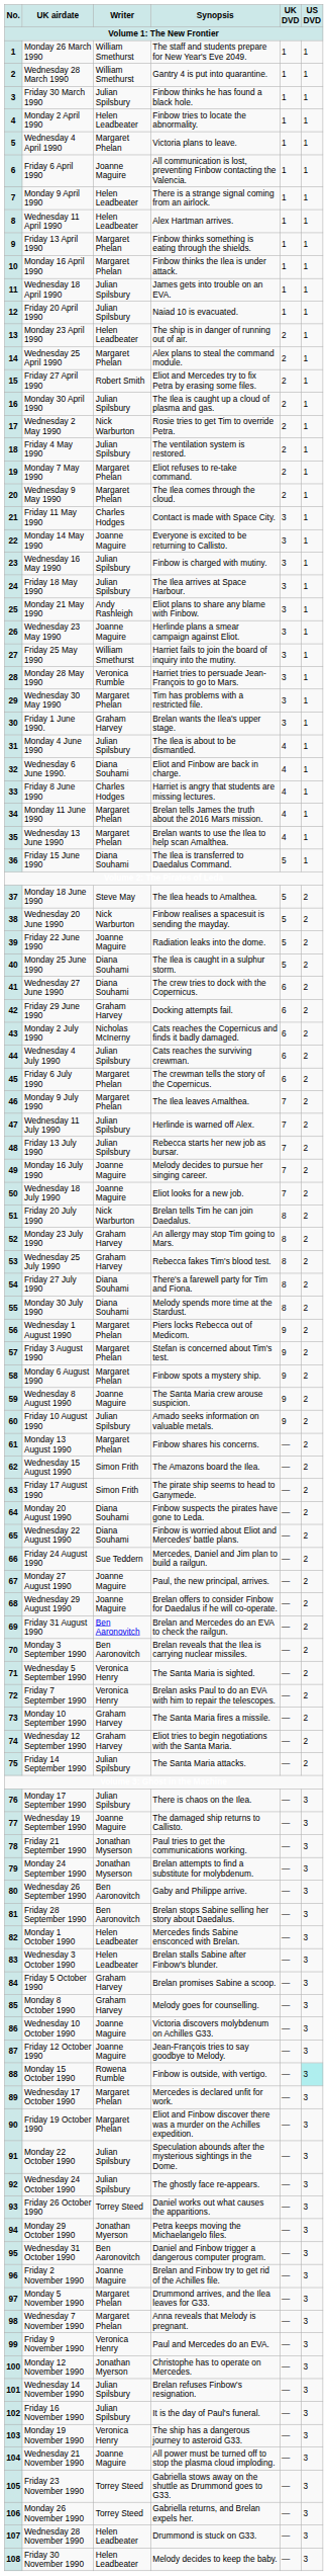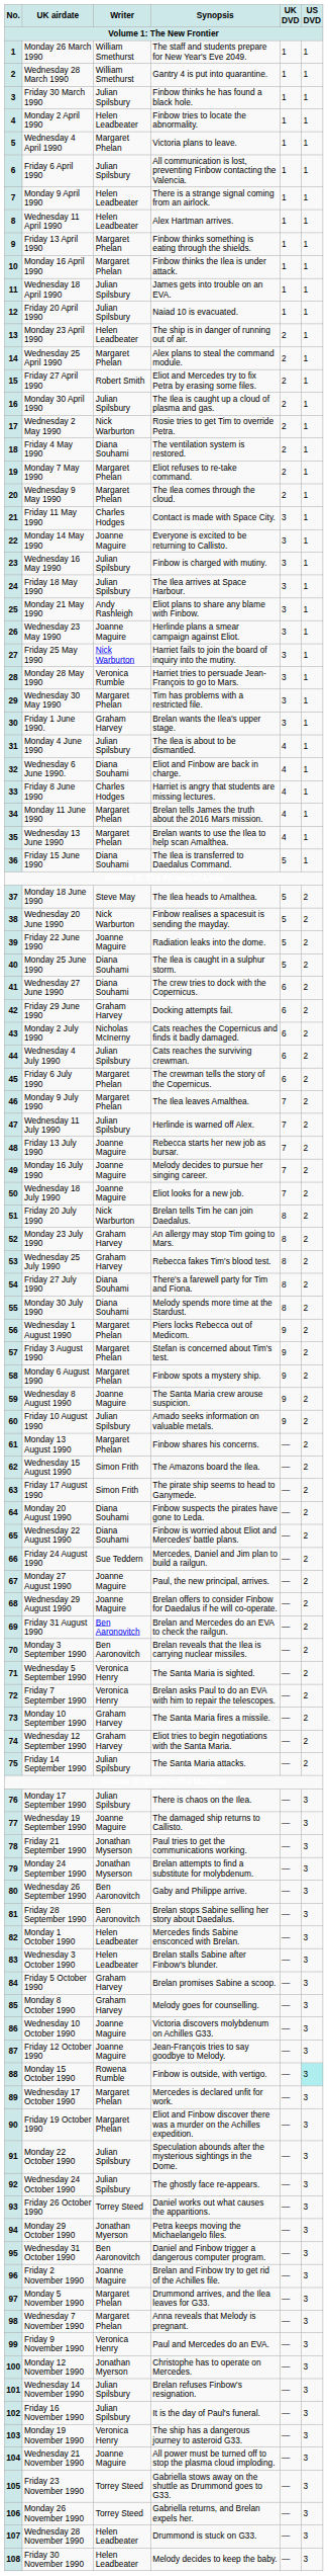 <table class="wikitable">
 <tr>
 <th scope=col style="background:#cce8e8">No.</th>
 <th scope=col style="background:#cce8e8">UK airdate</th>
 <th scope=col style="background:#cce8e8">Writer</th>
 <th scope=col style="background:#cce8e8">Synopsis</th>
 <th scope=col style="background:#cce8e8">UK<br>DVD</th>
 <th scope=col style="background:#cce8e8">US<br>DVD</th>
 </tr>
 <tr style="background:#cce8e8">
 <td colspan="6" style="text-align: center;"><strong>Volume 1: The New Frontier</strong></td>
 </tr>
 <tr>
 <th scope=row style="background:#cce8e8">1</th>
 <td>Monday 26 March 1990</td>
 <td>William Smethurst</td>
 <td>The staff and students prepare for New Year's Eve 2049.</td>
 <td>1</td>
 <td>1</td>
 </tr>
 <tr>
 <th scope=row style="background:#cce8e8">2</th>
 <td>Wednesday 28 March 1990</td>
 <td>William Smethurst</td>
 <td>Gantry 4 is put into quarantine.</td>
 <td>1</td>
 <td>1</td>
 </tr>
 <tr>
 <th scope=row style="background:#cce8e8">3</th>
 <td>Friday 30 March 1990</td>
 <td>Julian Spilsbury</td>
 <td>Finbow thinks he has found a black hole.</td>
 <td>1</td>
 <td>1</td>
 </tr>
 <tr>
 <th scope=row style="background:#cce8e8">4</th>
 <td>Monday 2 April 1990</td>
 <td>Helen Leadbeater</td>
 <td>Finbow tries to locate the abnormality.</td>
 <td>1</td>
 <td>1</td>
 </tr>
 <tr>
 <th scope=row style="background:#cce8e8">5</th>
 <td>Wednesday 4 April 1990</td>
 <td>Margaret Phelan</td>
 <td>Victoria plans to leave.</td>
 <td>1</td>
 <td>1</td>
 </tr>
 <tr>
 <th scope=row style="background:#cce8e8">6</th>
 <td>Friday 6 April 1990</td>
-<td>Joanne Maguire</td>
+<td>Julian Spilsbury</td>
 <td>All communication is lost, preventing Finbow contacting the Valencia.</td>
 <td>1</td>
 <td>1</td>
 </tr>
 <tr>
 <th scope=row style="background:#cce8e8">7</th>
 <td>Monday 9 April 1990</td>
 <td>Helen Leadbeater</td>
 <td>There is a strange signal coming from an airlock.</td>
 <td>1</td>
 <td>1</td>
 </tr>
 <tr>
 <th scope=row style="background:#cce8e8">8</th>
 <td>Wednesday 11 April 1990</td>
 <td>Helen Leadbeater</td>
 <td>Alex Hartman arrives.</td>
 <td>1</td>
 <td>1</td>
 </tr>
 <tr>
 <th scope=row style="background:#cce8e8">9</th>
 <td>Friday 13 April 1990</td>
 <td>Margaret Phelan</td>
 <td>Finbow thinks something is eating through the shields.</td>
 <td>1</td>
 <td>1</td>
 </tr>
 <tr>
 <th scope=row style="background:#cce8e8">10</th>
 <td>Monday 16 April 1990</td>
 <td>Margaret Phelan</td>
 <td>Finbow thinks the Ilea is under attack.</td>
 <td>1</td>
 <td>1</td>
 </tr>
 <tr>
 <th scope=row style="background:#cce8e8">11</th>
 <td>Wednesday 18 April 1990</td>
 <td>Julian Spilsbury</td>
 <td>James gets into trouble on an EVA.</td>
 <td>1</td>
 <td>1</td>
 </tr>
 <tr>
 <th scope=row style="background:#cce8e8">12</th>
 <td>Friday 20 April 1990</td>
 <td>Julian Spilsbury</td>
 <td>Naiad 10 is evacuated.</td>
 <td>1</td>
 <td>1</td>
 </tr>
 <tr>
 <th scope=row style="background:#cce8e8">13</th>
 <td>Monday 23 April 1990</td>
 <td>Helen Leadbeater</td>
 <td>The ship is in danger of running out of air.</td>
 <td>2</td>
 <td>1</td>
 </tr>
 <tr>
 <th scope=row style="background:#cce8e8">14</th>
 <td>Wednesday 25 April 1990</td>
 <td>Margaret Phelan</td>
 <td>Alex plans to steal the command module.</td>
 <td>2</td>
 <td>1</td>
 </tr>
 <tr>
 <th scope=row style="background:#cce8e8">15</th>
 <td>Friday 27 April 1990</td>
 <td>Robert Smith</td>
 <td>Eliot and Mercedes try to fix Petra by erasing some files.</td>
 <td>2</td>
 <td>1</td>
 </tr>
 <tr>
 <th scope=row style="background:#cce8e8">16</th>
 <td>Monday 30 April 1990</td>
 <td>Julian Spilsbury</td>
 <td>The Ilea is caught up a cloud of plasma and gas.</td>
 <td>2</td>
 <td>1</td>
 </tr>
 <tr>
 <th scope=row style="background:#cce8e8">17</th>
 <td>Wednesday 2 May 1990</td>
 <td>Nick Warburton</td>
 <td>Rosie tries to get Tim to override Petra.</td>
 <td>2</td>
 <td>1</td>
 </tr>
 <tr>
 <th scope=row style="background:#cce8e8">18</th>
 <td>Friday 4 May 1990</td>
-<td>Julian Spilsbury</td>
+<td>Diana Souhami</td>
 <td>The ventilation system is restored.</td>
 <td>2</td>
 <td>1</td>
 </tr>
 <tr>
 <th scope=row style="background:#cce8e8">19</th>
 <td>Monday 7 May 1990</td>
 <td>Margaret Phelan</td>
 <td>Eliot refuses to re-take command.</td>
 <td>2</td>
 <td>1</td>
 </tr>
 <tr>
 <th scope=row style="background:#cce8e8">20</th>
 <td>Wednesday 9 May 1990</td>
 <td>Margaret Phelan</td>
 <td>The Ilea comes through the cloud.</td>
 <td>2</td>
 <td>1</td>
 </tr>
 <tr>
 <th scope=row style="background:#cce8e8">21</th>
 <td>Friday 11 May 1990</td>
 <td>Charles Hodges</td>
 <td>Contact is made with Space City.</td>
 <td>3</td>
 <td>1</td>
 </tr>
 <tr>
 <th scope=row style="background:#cce8e8">22</th>
 <td>Monday 14 May 1990</td>
 <td>Joanne Maguire</td>
 <td>Everyone is excited to be returning to Callisto.</td>
 <td>3</td>
 <td>1</td>
 </tr>
 <tr>
 <th scope=row style="background:#cce8e8">23</th>
 <td>Wednesday 16 May 1990</td>
 <td>Julian Spilsbury</td>
 <td>Finbow is charged with mutiny.</td>
 <td>3</td>
 <td>1</td>
 </tr>
 <tr>
 <th scope=row style="background:#cce8e8">24</th>
 <td>Friday 18 May 1990</td>
 <td>Julian Spilsbury</td>
 <td>The Ilea arrives at Space Harbour.</td>
 <td>3</td>
 <td>1</td>
 </tr>
 <tr>
 <th scope=row style="background:#cce8e8">25</th>
 <td>Monday 21 May 1990</td>
 <td>Andy Rashleigh</td>
 <td>Eliot plans to share any blame with Finbow.</td>
 <td>3</td>
 <td>1</td>
 </tr>
 <tr>
 <th scope=row style="background:#cce8e8">26</th>
 <td>Wednesday 23 May 1990</td>
 <td>Joanne Maguire</td>
 <td>Herlinde plans a smear campaign against Eliot.</td>
 <td>3</td>
 <td>1</td>
 </tr>
 <tr>
 <th scope=row style="background:#cce8e8">27</th>
 <td>Friday 25 May 1990</td>
-<td>William Smethurst</td>
+<td><a href='#'>Nick Warburton</a></td>
 <td>Harriet fails to join the board of inquiry into the mutiny.</td>
 <td>3</td>
 <td>1</td>
 </tr>
 <tr>
 <th scope=row style="background:#cce8e8">28</th>
 <td>Monday 28 May 1990</td>
 <td>Veronica Rumble</td>
 <td>Harriet tries to persuade Jean-François to go to Mars.</td>
 <td>3</td>
 <td>1</td>
 </tr>
 <tr>
 <th scope=row style="background:#cce8e8">29</th>
 <td>Wednesday 30 May 1990</td>
 <td>Margaret Phelan</td>
 <td>Tim has problems with a restricted file.</td>
 <td>3</td>
 <td>1</td>
 </tr>
 <tr>
 <th scope=row style="background:#cce8e8">30</th>
 <td>Friday 1 June 1990.</td>
 <td>Graham Harvey</td>
 <td>Brelan wants the Ilea's upper stage.</td>
 <td>3</td>
 <td>1</td>
 </tr>
 <tr>
 <th scope=row style="background:#cce8e8">31</th>
 <td>Monday 4 June 1990</td>
 <td>Julian Spilsbury</td>
 <td>The Ilea is about to be dismantled.</td>
 <td>4</td>
 <td>1</td>
 </tr>
 <tr>
 <th scope=row style="background:#cce8e8">32</th>
 <td>Wednesday 6 June 1990.</td>
 <td>Diana Souhami</td>
 <td>Eliot and Finbow are back in charge.</td>
 <td>4</td>
 <td>1</td>
 </tr>
 <tr>
 <th scope=row style="background:#cce8e8">33</th>
 <td>Friday 8 June 1990</td>
 <td>Charles Hodges</td>
 <td>Harriet is angry that students are missing lectures.</td>
 <td>4</td>
 <td>1</td>
 </tr>
 <tr>
 <th scope=row style="background:#cce8e8">34</th>
 <td>Monday 11 June 1990</td>
 <td>Margaret Phelan</td>
 <td>Brelan tells James the truth about the 2016 Mars mission.</td>
 <td>4</td>
 <td>1</td>
 </tr>
 <tr>
 <th scope=row style="background:#cce8e8">35</th>
 <td>Wednesday 13 June 1990</td>
 <td>Margaret Phelan</td>
 <td>Brelan wants to use the Ilea to help scan Amalthea.</td>
 <td>4</td>
 <td>1</td>
 </tr>
 <tr>
 <th scope=row style="background:#cce8e8">36</th>
 <td>Friday 15 June 1990</td>
 <td>Diana Souhami</td>
 <td>The Ilea is transferred to Daedalus Command.</td>
 <td>5</td>
 <td>1</td>
 </tr>
 <tr style="color:white" style="background:#cce8e8">
 <td colspan="6" style="text-align: center;"><strong>Volume 2: The Pirates of Leda</strong></td>
 </tr>
 <tr>
 <th scope=row style="background:#cce8e8">37</th>
 <td>Monday 18 June 1990</td>
 <td>Steve May</td>
 <td>The Ilea heads to Amalthea.</td>
 <td>5</td>
 <td>2</td>
 </tr>
 <tr>
 <th scope=row style="background:#cce8e8">38</th>
 <td>Wednesday 20 June 1990</td>
 <td>Nick Warburton</td>
 <td>Finbow realises a spacesuit is sending the mayday.</td>
 <td>5</td>
 <td>2</td>
 </tr>
 <tr>
 <th scope=row style="background:#cce8e8">39</th>
 <td>Friday 22 June 1990</td>
 <td>Joanne Maguire</td>
 <td>Radiation leaks into the dome.</td>
 <td>5</td>
 <td>2</td>
 </tr>
 <tr>
 <th scope=row style="background:#cce8e8">40</th>
 <td>Monday 25 June 1990</td>
 <td>Diana Souhami</td>
 <td>The Ilea is caught in a sulphur storm.</td>
 <td>5</td>
 <td>2</td>
 </tr>
 <tr>
 <th scope=row style="background:#cce8e8">41</th>
 <td>Wednesday 27 June 1990</td>
 <td>Diana Souhami</td>
 <td>The crew tries to dock with the Copernicus.</td>
 <td>6</td>
 <td>2</td>
 </tr>
 <tr>
 <th scope=row style="background:#cce8e8">42</th>
 <td>Friday 29 June 1990</td>
 <td>Graham Harvey</td>
 <td>Docking attempts fail.</td>
 <td>6</td>
 <td>2</td>
 </tr>
 <tr>
 <th scope=row style="background:#cce8e8">43</th>
 <td>Monday 2 July 1990</td>
 <td>Nicholas McInerny</td>
 <td>Cats reaches the Copernicus and finds it badly damaged.</td>
 <td>6</td>
 <td>2</td>
 </tr>
 <tr>
 <th scope=row style="background:#cce8e8">44</th>
 <td>Wednesday 4 July 1990</td>
 <td>Julian Spilsbury</td>
 <td>Cats reaches the surviving crewman.</td>
 <td>6</td>
 <td>2</td>
 </tr>
 <tr>
 <th scope=row style="background:#cce8e8">45</th>
 <td>Friday 6 July 1990</td>
 <td>Margaret Phelan</td>
 <td>The crewman tells the story of the Copernicus.</td>
 <td>6</td>
 <td>2</td>
 </tr>
 <tr>
 <th scope=row style="background:#cce8e8">46</th>
 <td>Monday 9 July 1990</td>
 <td>Margaret Phelan</td>
 <td>The Ilea leaves Amalthea.</td>
 <td>7</td>
 <td>2</td>
 </tr>
 <tr>
 <th scope=row style="background:#cce8e8">47</th>
 <td>Wednesday 11 July 1990</td>
 <td>Julian Spilsbury</td>
 <td>Herlinde is warned off Alex.</td>
 <td>7</td>
 <td>2</td>
 </tr>
 <tr>
 <th scope=row style="background:#cce8e8">48</th>
 <td>Friday 13 July 1990</td>
-<td>Julian Spilsbury</td>
+<td>Joanne Maguire</td>
 <td>Rebecca starts her new job as bursar.</td>
 <td>7</td>
 <td>2</td>
 </tr>
 <tr>
 <th scope=row style="background:#cce8e8">49</th>
 <td>Monday 16 July 1990</td>
 <td>Joanne Maguire</td>
 <td>Melody decides to pursue her singing career.</td>
 <td>7</td>
 <td>2</td>
 </tr>
 <tr>
 <th scope=row style="background:#cce8e8">50</th>
 <td>Wednesday 18 July 1990</td>
 <td>Joanne Maguire</td>
 <td>Eliot looks for a new job.</td>
 <td>7</td>
 <td>2</td>
 </tr>
 <tr>
 <th scope=row style="background:#cce8e8">51</th>
 <td>Friday 20 July 1990</td>
 <td>Nick Warburton</td>
 <td>Brelan tells Tim he can join Daedalus.</td>
 <td>8</td>
 <td>2</td>
 </tr>
 <tr>
 <th scope=row style="background:#cce8e8">52</th>
 <td>Monday 23 July 1990</td>
 <td>Graham Harvey</td>
 <td>An allergy may stop Tim going to Mars.</td>
 <td>8</td>
 <td>2</td>
 </tr>
 <tr>
 <th scope=row style="background:#cce8e8">53</th>
 <td>Wednesday 25 July 1990</td>
 <td>Graham Harvey</td>
 <td>Rebecca fakes Tim's blood test.</td>
 <td>8</td>
 <td>2</td>
 </tr>
 <tr>
 <th scope=row style="background:#cce8e8">54</th>
 <td>Friday 27 July 1990</td>
 <td>Diana Souhami</td>
 <td>There's a farewell party for Tim and Fiona.</td>
 <td>8</td>
 <td>2</td>
 </tr>
 <tr>
 <th scope=row style="background:#cce8e8">55</th>
 <td>Monday 30 July 1990</td>
 <td>Diana Souhami</td>
 <td>Melody spends more time at the Stardust.</td>
 <td>8</td>
 <td>2</td>
 </tr>
 <tr>
 <th scope=row style="background:#cce8e8">56</th>
 <td>Wednesday 1 August 1990</td>
 <td>Margaret Phelan</td>
 <td>Piers locks Rebecca out of Medicom.</td>
 <td>9</td>
 <td>2</td>
 </tr>
 <tr>
 <th scope=row style="background:#cce8e8">57</th>
 <td>Friday 3 August 1990</td>
 <td>Margaret Phelan</td>
 <td>Stefan is concerned about Tim's test.</td>
 <td>9</td>
 <td>2</td>
 </tr>
 <tr>
 <th scope=row style="background:#cce8e8">58</th>
 <td>Monday 6 August 1990</td>
 <td>Margaret Phelan</td>
 <td>Finbow spots a mystery ship.</td>
 <td>9</td>
 <td>2</td>
 </tr>
 <tr>
 <th scope=row style="background:#cce8e8">59</th>
 <td>Wednesday 8 August 1990</td>
 <td>Joanne Maguire</td>
 <td>The Santa Maria crew arouse suspicion.</td>
 <td>9</td>
 <td>2</td>
 </tr>
 <tr>
 <th scope=row style="background:#cce8e8">60</th>
 <td>Friday 10 August 1990</td>
 <td>Julian Spilsbury</td>
 <td>Amado seeks information on valuable metals.</td>
 <td>9</td>
 <td>2</td>
 </tr>
 <tr>
 <th scope=row style="background:#cce8e8">61</th>
 <td>Monday 13 August 1990</td>
 <td>Margaret Phelan</td>
 <td>Finbow shares his concerns.</td>
 <td>—</td>
 <td>2</td>
 </tr>
 <tr>
 <th scope=row style="background:#cce8e8">62</th>
 <td>Wednesday 15 August 1990</td>
 <td>Simon Frith</td>
 <td>The Amazons board the Ilea.</td>
 <td>—</td>
 <td>2</td>
 </tr>
 <tr>
 <th scope=row style="background:#cce8e8">63</th>
 <td>Friday 17 August 1990</td>
 <td>Simon Frith</td>
 <td>The pirate ship seems to head to Ganymede.</td>
 <td>—</td>
 <td>2</td>
 </tr>
 <tr>
 <th scope=row style="background:#cce8e8">64</th>
 <td>Monday 20 August 1990</td>
 <td>Diana Souhami</td>
 <td>Finbow suspects the pirates have gone to Leda.</td>
 <td>—</td>
 <td>2</td>
 </tr>
 <tr>
 <th scope=row style="background:#cce8e8">65</th>
 <td>Wednesday 22 August 1990</td>
 <td>Diana Souhami</td>
 <td>Finbow is worried about Eliot and Mercedes' battle plans.</td>
 <td>—</td>
 <td>2</td>
 </tr>
 <tr>
 <th scope=row style="background:#cce8e8">66</th>
 <td>Friday 24 August 1990</td>
 <td>Sue Teddern</td>
 <td>Mercedes, Daniel and Jim plan to build a railgun.</td>
 <td>—</td>
 <td>2</td>
 </tr>
 <tr>
 <th scope=row style="background:#cce8e8">67</th>
 <td>Monday 27 August 1990</td>
 <td>Joanne Maguire</td>
 <td>Paul, the new principal, arrives.</td>
 <td>—</td>
 <td>2</td>
 </tr>
 <tr>
 <th scope=row style="background:#cce8e8">68</th>
 <td>Wednesday 29 August 1990</td>
 <td>Joanne Maguire</td>
 <td>Brelan offers to consider Finbow for Daedalus if he will co-operate.</td>
 <td>—</td>
 <td>2</td>
 </tr>
 <tr>
 <th scope=row style="background:#cce8e8">69</th>
 <td>Friday 31 August 1990</td>
 <td><a href='#'>Ben Aaronovitch</a></td>
 <td>Brelan and Mercedes do an EVA to check the railgun.</td>
 <td>—</td>
 <td>2</td>
 </tr>
 <tr>
 <th scope=row style="background:#cce8e8">70</th>
 <td>Monday 3 September 1990</td>
 <td>Ben Aaronovitch</td>
 <td>Brelan reveals that the Ilea is carrying nuclear missiles.</td>
 <td>—</td>
 <td>2</td>
 </tr>
 <tr>
 <th scope=row style="background:#cce8e8">71</th>
 <td>Wednesday 5 September 1990</td>
 <td>Veronica Henry</td>
 <td>The Santa Maria is sighted.</td>
 <td>—</td>
 <td>2</td>
 </tr>
 <tr>
 <th scope=row style="background:#cce8e8">72</th>
 <td>Friday 7 September 1990</td>
 <td>Veronica Henry</td>
 <td>Brelan asks Paul to do an EVA with him to repair the telescopes.</td>
 <td>—</td>
 <td>2</td>
 </tr>
 <tr>
 <th scope=row style="background:#cce8e8">73</th>
 <td>Monday 10 September 1990</td>
 <td>Graham Harvey</td>
 <td>The Santa Maria fires a missile.</td>
 <td>—</td>
 <td>2</td>
 </tr>
 <tr>
 <th scope=row style="background:#cce8e8">74</th>
 <td>Wednesday 12 September 1990</td>
 <td>Graham Harvey</td>
 <td>Eliot tries to begin negotiations with the Santa Maria.</td>
 <td>—</td>
 <td>2</td>
 </tr>
 <tr>
 <th scope=row style="background:#cce8e8">75</th>
 <td>Friday 14 September 1990</td>
 <td>Julian Spilsbury</td>
 <td>The Santa Maria attacks.</td>
 <td>—</td>
 <td>2</td>
 </tr>
 <tr style="color:white" style="background:#cce8e8">
 <td colspan="6" style="text-align: center;"><strong>Volume 3: Ghost in the Machine</strong></td>
 </tr>
 <tr>
 <th scope=row style="background:#cce8e8">76</th>
 <td>Monday 17 September 1990</td>
 <td>Julian Spilsbury</td>
 <td>There is chaos on the Ilea.</td>
 <td>—</td>
 <td>3</td>
 </tr>
 <tr>
 <th scope=row style="background:#cce8e8">77</th>
 <td>Wednesday 19 September 1990</td>
 <td>Joanne Maguire</td>
 <td>The damaged ship returns to Callisto.</td>
 <td>—</td>
 <td>3</td>
 </tr>
 <tr>
 <th scope=row style="background:#cce8e8">78</th>
 <td>Friday 21 September 1990</td>
 <td>Jonathan Myserson</td>
 <td>Paul tries to get the communications working.</td>
 <td>—</td>
 <td>3</td>
 </tr>
 <tr>
 <th scope=row style="background:#cce8e8">79</th>
 <td>Monday 24 September 1990</td>
 <td>Jonathan Myserson</td>
 <td>Brelan attempts to find a substitute for molybdenum.</td>
 <td>—</td>
 <td>3</td>
 </tr>
 <tr>
 <th scope=row style="background:#cce8e8">80</th>
 <td>Wednesday 26 September 1990</td>
 <td>Ben Aaronovitch</td>
 <td>Gaby and Philippe arrive.</td>
 <td>—</td>
 <td>3</td>
 </tr>
 <tr>
 <th scope=row style="background:#cce8e8">81</th>
 <td>Friday 28 September 1990</td>
 <td>Ben Aaronovitch</td>
 <td>Brelan stops Sabine selling her story about Daedalus.</td>
 <td>—</td>
 <td>3</td>
 </tr>
 <tr>
 <th scope=row style="background:#cce8e8">82</th>
 <td>Monday 1 October 1990</td>
 <td>Helen Leadbeater</td>
 <td>Mercedes finds Sabine ensconced with Brelan.</td>
 <td>—</td>
 <td>3</td>
 </tr>
 <tr>
 <th scope=row style="background:#cce8e8">83</th>
 <td>Wednesday 3 October 1990</td>
 <td>Helen Leadbeater</td>
 <td>Brelan stalls Sabine after Finbow's blunder.</td>
 <td>—</td>
 <td>3</td>
 </tr>
 <tr>
 <th scope=row style="background:#cce8e8">84</th>
 <td>Friday 5 October 1990</td>
 <td>Graham Harvey</td>
 <td>Brelan promises Sabine a scoop.</td>
 <td>—</td>
 <td>3</td>
 </tr>
 <tr>
 <th scope=row style="background:#cce8e8">85</th>
 <td>Monday 8 October 1990</td>
 <td>Graham Harvey</td>
 <td>Melody goes for counselling.</td>
 <td>—</td>
 <td>3</td>
 </tr>
 <tr>
 <th scope=row style="background:#cce8e8">86</th>
 <td>Wednesday 10 October 1990</td>
 <td>Joanne Maguire</td>
 <td>Victoria discovers molybdenum on Achilles G33.</td>
 <td>—</td>
 <td>3</td>
 </tr>
 <tr>
 <th scope=row style="background:#cce8e8">87</th>
 <td>Friday 12 October 1990</td>
 <td>Joanne Maguire</td>
 <td>Jean-François tries to say goodbye to Melody.</td>
 <td>—</td>
 <td>3</td>
 </tr>
 <tr>
 <th scope=row style="background:#cce8e8">88</th>
 <td>Monday 15 October 1990</td>
 <td>Rowena Rumble</td>
 <td>Finbow is outside, with vertigo.</td>
 <td>—</td>
 <td style="background: paleturquoise;">3</td>
 </tr>
 <tr>
 <th scope=row style="background:#cce8e8">89</th>
 <td>Wednesday 17 October 1990</td>
 <td>Margaret Phelan</td>
 <td>Mercedes is declared unfit for work.</td>
 <td>—</td>
 <td>3</td>
 </tr>
 <tr>
 <th scope=row style="background:#cce8e8">90</th>
 <td>Friday 19 October 1990</td>
 <td>Margaret Phelan</td>
 <td>Eliot and Finbow discover there was a murder on the Achilles expedition.</td>
 <td>—</td>
 <td>3</td>
 </tr>
 <tr>
 <th scope=row style="background:#cce8e8">91</th>
 <td>Monday 22 October 1990</td>
 <td>Julian Spilsbury</td>
 <td>Speculation abounds after the mysterious sightings in the Dome.</td>
 <td>—</td>
 <td>3</td>
 </tr>
 <tr>
 <th scope=row style="background:#cce8e8">92</th>
 <td>Wednesday 24 October 1990</td>
 <td>Julian Spilsbury</td>
 <td>The ghostly face re-appears.</td>
 <td>—</td>
 <td>3</td>
 </tr>
 <tr>
 <th scope=row style="background:#cce8e8">93</th>
 <td>Friday 26 October 1990</td>
 <td>Torrey Steed</td>
 <td>Daniel works out what causes the apparitions.</td>
 <td>—</td>
 <td>3</td>
 </tr>
 <tr>
 <th scope=row style="background:#cce8e8">94</th>
 <td>Monday 29 October 1990</td>
 <td>Jonathan Myerson</td>
 <td>Petra keeps moving the Michaelangelo files.</td>
 <td>—</td>
 <td>3</td>
 </tr>
 <tr>
 <th scope=row style="background:#cce8e8">95</th>
 <td>Wednesday 31 October 1990</td>
 <td>Ben Aaronovitch</td>
 <td>Daniel and Finbow trigger a dangerous computer program.</td>
 <td>—</td>
 <td>3</td>
 </tr>
 <tr>
 <th scope=row style="background:#cce8e8">96</th>
 <td>Friday 2 November 1990</td>
 <td>Joanne Maguire</td>
 <td>Brelan and Finbow try to get rid of the Achilles file.</td>
 <td>—</td>
 <td>3</td>
 </tr>
 <tr>
 <th scope=row style="background:#cce8e8">97</th>
 <td>Monday 5 November 1990</td>
 <td>Margaret Phelan</td>
 <td>Drummond arrives, and the Ilea leaves for G33.</td>
 <td>—</td>
 <td>3</td>
 </tr>
 <tr>
 <th scope=row style="background:#cce8e8">98</th>
 <td>Wednesday 7 November 1990</td>
 <td>Margaret Phelan</td>
 <td>Anna reveals that Melody is pregnant.</td>
 <td>—</td>
 <td>3</td>
 </tr>
 <tr>
 <th scope=row style="background:#cce8e8">99</th>
 <td>Friday 9 November 1990</td>
 <td>Veronica Henry</td>
 <td>Paul and Mercedes do an EVA.</td>
 <td>—</td>
 <td>3</td>
 </tr>
 <tr>
 <th scope=row style="background:#cce8e8">100</th>
 <td>Monday 12 November 1990</td>
 <td>Jonathan Myerson</td>
 <td>Christophe has to operate on Mercedes.</td>
 <td>—</td>
 <td>3</td>
 </tr>
 <tr>
 <th scope=row style="background:#cce8e8">101</th>
 <td>Wednesday 14 November 1990</td>
 <td>Julian Spilsbury</td>
 <td>Brelan refuses Finbow's resignation.</td>
 <td>—</td>
 <td>3</td>
 </tr>
 <tr>
 <th scope=row style="background:#cce8e8">102</th>
 <td>Friday 16 November 1990</td>
 <td>Julian Spilsbury</td>
 <td>It is the day of Paul's funeral.</td>
 <td>—</td>
 <td>3</td>
 </tr>
 <tr>
 <th scope=row style="background:#cce8e8">103</th>
 <td>Monday 19 November 1990</td>
 <td>Veronica Henry</td>
 <td>The ship has a dangerous journey to asteroid G33.</td>
 <td>—</td>
 <td>3</td>
 </tr>
 <tr>
 <th scope=row style="background:#cce8e8">104</th>
 <td>Wednesday 21 November 1990</td>
 <td>Joanne Maguire</td>
 <td>All power must be turned off to stop the plasma cloud imploding.</td>
 <td>—</td>
 <td>3</td>
 </tr>
 <tr>
 <th scope=row style="background:#cce8e8">105</th>
 <td>Friday 23 November 1990</td>
 <td>Torrey Steed</td>
 <td>Gabriella stows away on the shuttle as Drummond goes to G33.</td>
 <td>—</td>
 <td>3</td>
 </tr>
 <tr>
 <th scope=row style="background:#cce8e8">106</th>
 <td>Monday 26 November 1990</td>
 <td>Torrey Steed</td>
 <td>Gabriella returns, and Brelan expels her.</td>
 <td>—</td>
 <td>3</td>
 </tr>
 <tr>
 <th scope=row style="background:#cce8e8">107</th>
 <td>Wednesday 28 November 1990</td>
 <td>Helen Leadbeater</td>
 <td>Drummond is stuck on G33.</td>
 <td>—</td>
 <td>3</td>
 </tr>
 <tr>
 <th scope=row style="background:#cce8e8">108</th>
 <td>Friday 30 November 1990</td>
 <td>Helen Leadbeater</td>
 <td>Melody decides to keep the baby.</td>
 <td>—</td>
 <td>3</td>
 </tr>
 </table>
